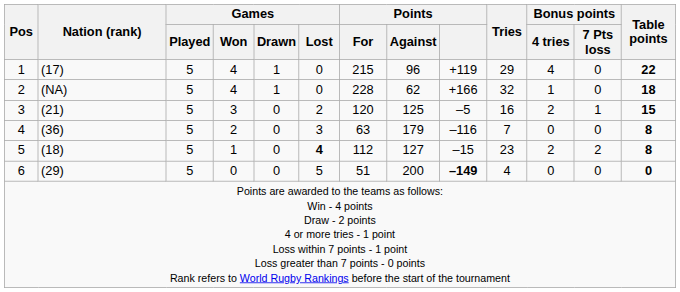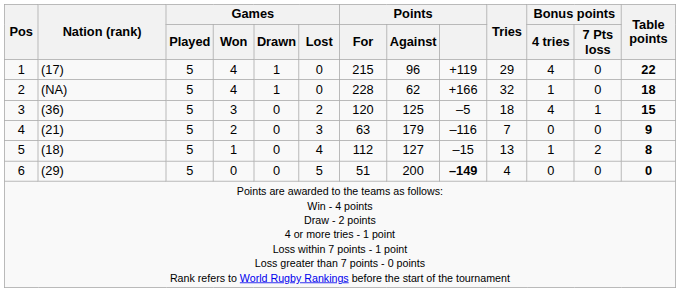 <table class="wikitable" style="text-align:center; width:95%">
 <tr>
 <th rowspan="2" style="width:5%">Pos</th>
 <th rowspan="2" style="width:19%">Nation (rank)</th>
 <th colspan="4" style="width:28%">Games</th>
 <th colspan="3" style="width:18%">Points</th>
 <th rowspan="2" style="width:6%">Tries</th>
 <th colspan="2" style="width:15%">Bonus points</th>
 <th rowspan="2" style="width:8%">Table<br>points</th>
 </tr>
 <tr>
 <th style="width:6%">Played</th>
 <th style="width:6%">Won</th>
 <th style="width:6%">Drawn</th>
 <th style="width:6%">Lost</th>
 <th style="width:7%">For</th>
 <th style="width:7%">Against</th>
 <th style="width:7%"></th>
 <th style="width:7%">4 tries</th>
 <th style="width:7%">7 Pts loss</th>
 </tr>
 <tr>
 <td>1</td>
 <td align="left"> (17)</td>
 <td>5</td>
 <td>4</td>
 <td>1</td>
 <td>0</td>
 <td>215</td>
 <td>96</td>
 <td>+119</td>
 <td>29</td>
 <td>4</td>
 <td>0</td>
 <td><strong>22</strong></td>
 </tr>
 <tr>
 <td>2</td>
 <td align="left"> (NA)</td>
 <td>5</td>
 <td>4</td>
 <td>1</td>
 <td>0</td>
 <td>228</td>
 <td>62</td>
 <td>+166</td>
 <td>32</td>
 <td>1</td>
 <td>0</td>
 <td><strong>18</strong></td>
 </tr>
 <tr>
 <td>3</td>
-<td align="left"> (21)</td>
+<td align="left"> (36)</td>
 <td>5</td>
 <td>3</td>
 <td>0</td>
 <td>2</td>
 <td>120</td>
 <td>125</td>
 <td>–5</td>
-<td>16</td>
-<td>2</td>
+<td>18</td>
+<td>4</td>
 <td>1</td>
 <td><strong>15</strong></td>
 </tr>
 <tr>
 <td>4</td>
-<td align="left"> (36)</td>
+<td align="left"> (21)</td>
 <td>5</td>
 <td>2</td>
 <td>0</td>
 <td>3</td>
 <td>63</td>
 <td>179</td>
 <td>–116</td>
 <td>7</td>
 <td>0</td>
 <td>0</td>
-<td><strong>8</strong></td>
+<td><strong>9</strong></td>
 </tr>
 <tr>
 <td>5</td>
 <td align="left"> (18)</td>
 <td>5</td>
 <td>1</td>
 <td>0</td>
-<td><strong>4</strong></td>
+<td>4</td>
 <td>112</td>
 <td>127</td>
 <td>–15</td>
-<td>23</td>
-<td>2</td>
+<td>13</td>
+<td>1</td>
 <td>2</td>
 <td><strong>8</strong></td>
 </tr>
 <tr>
 <td>6</td>
 <td align="left"> (29)</td>
 <td>5</td>
 <td>0</td>
 <td>0</td>
 <td>5</td>
 <td>51</td>
 <td>200</td>
 <td><strong>–149</strong></td>
 <td>4</td>
 <td>0</td>
 <td>0</td>
 <td><strong>0</strong></td>
 </tr>
 <tr>
 <td colspan="100%" style="text-align:center;"><small>Points are awarded to the teams as follows:<br>Win - 4 points<br>Draw - 2 points<br>4 or more tries - 1 point<br>Loss within 7 points - 1 point<br>Loss greater than 7 points - 0 points <br> Rank refers to <a href='#'>World Rugby Rankings</a> before the start of the tournament</small></td>
 </tr>
 </table>
